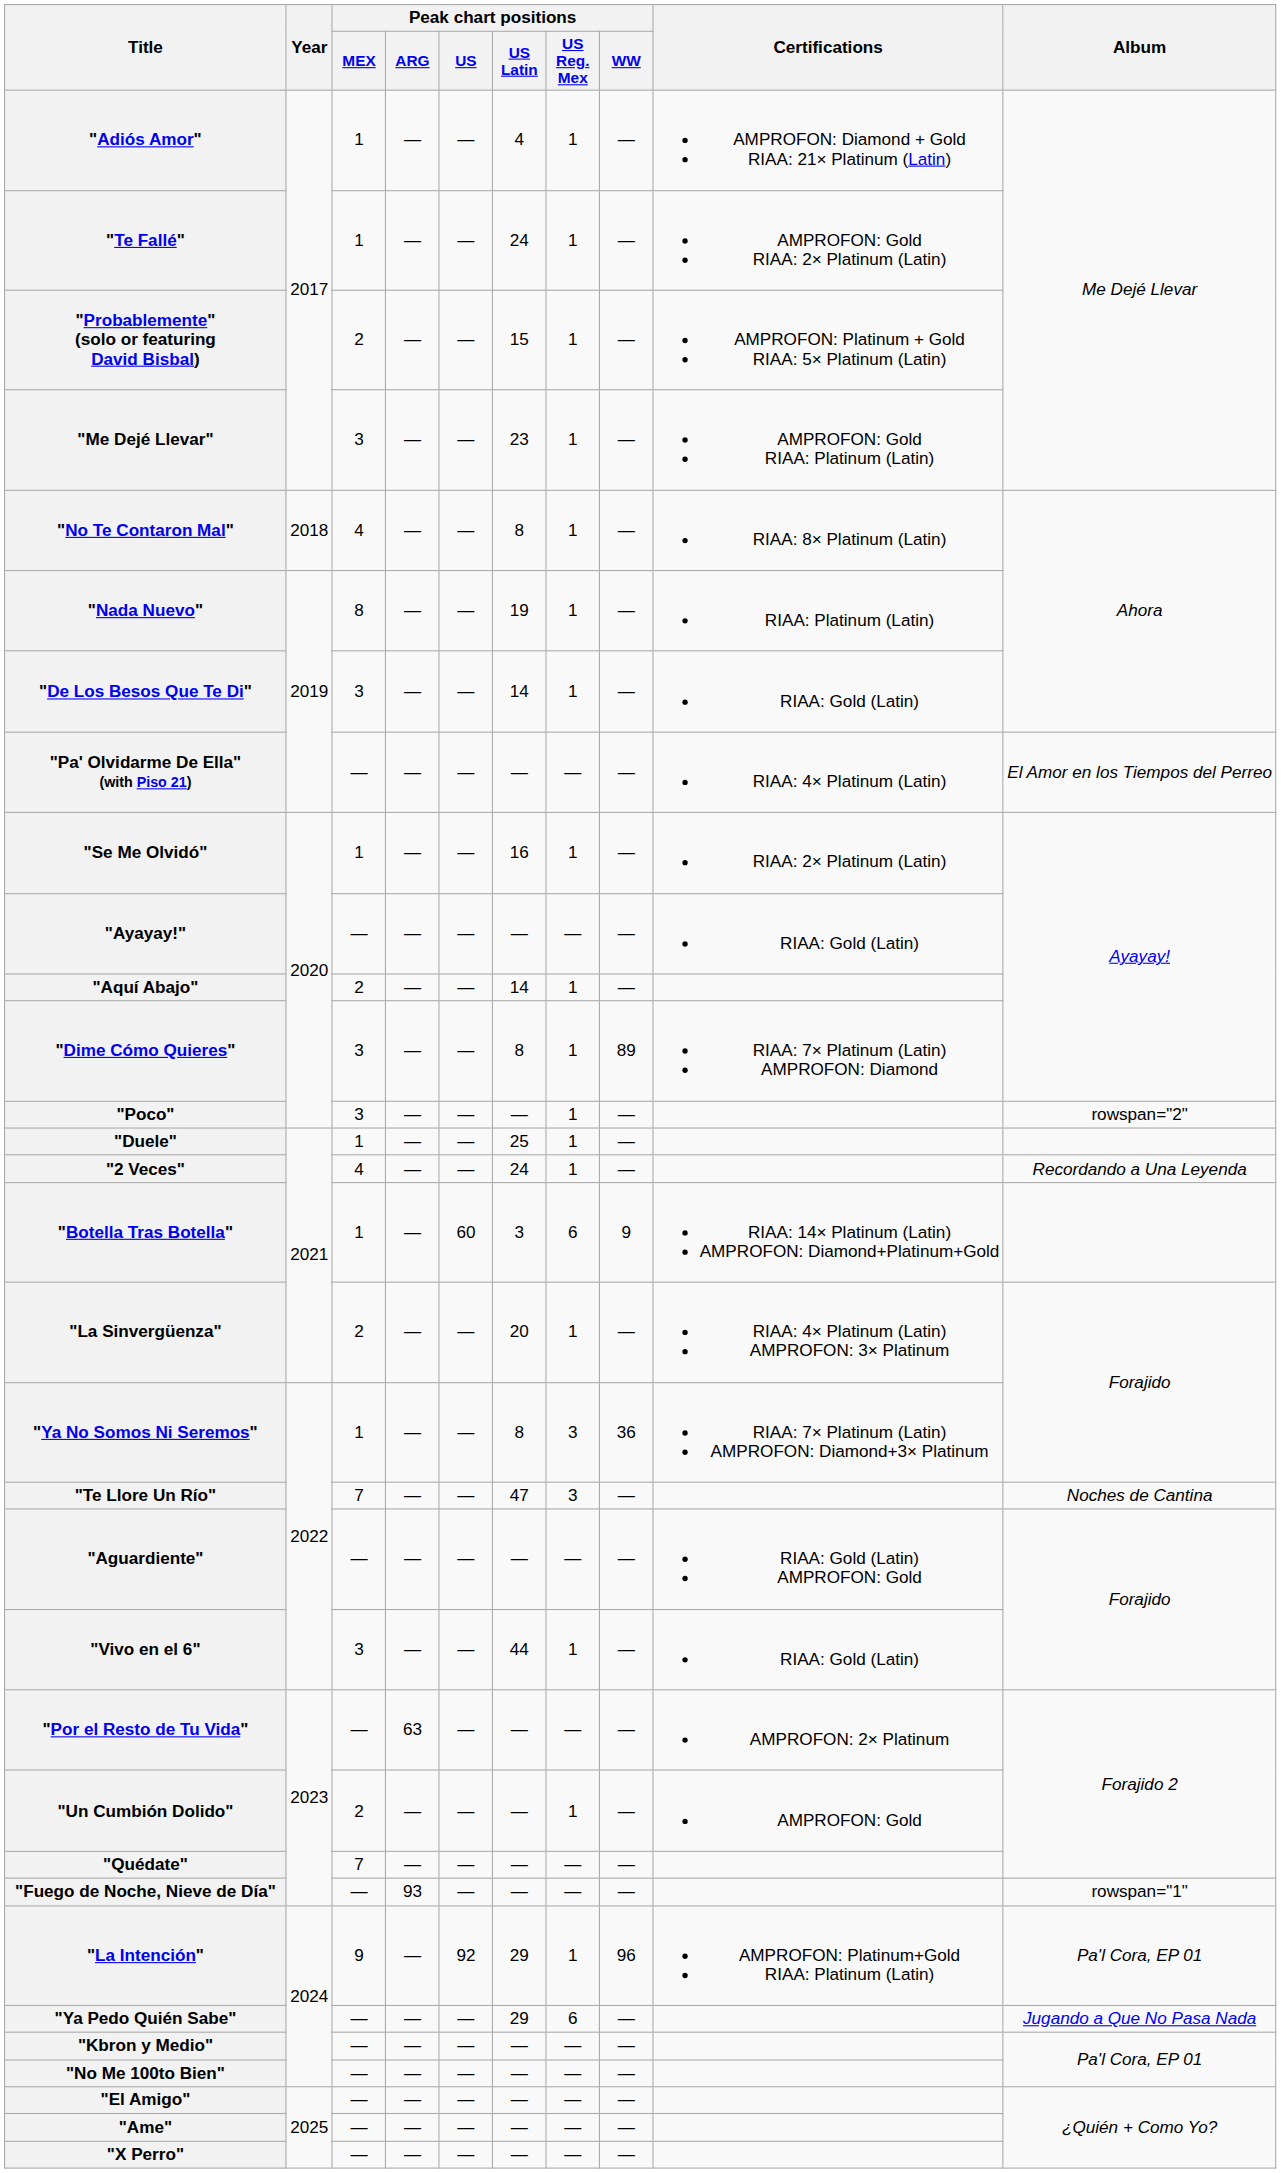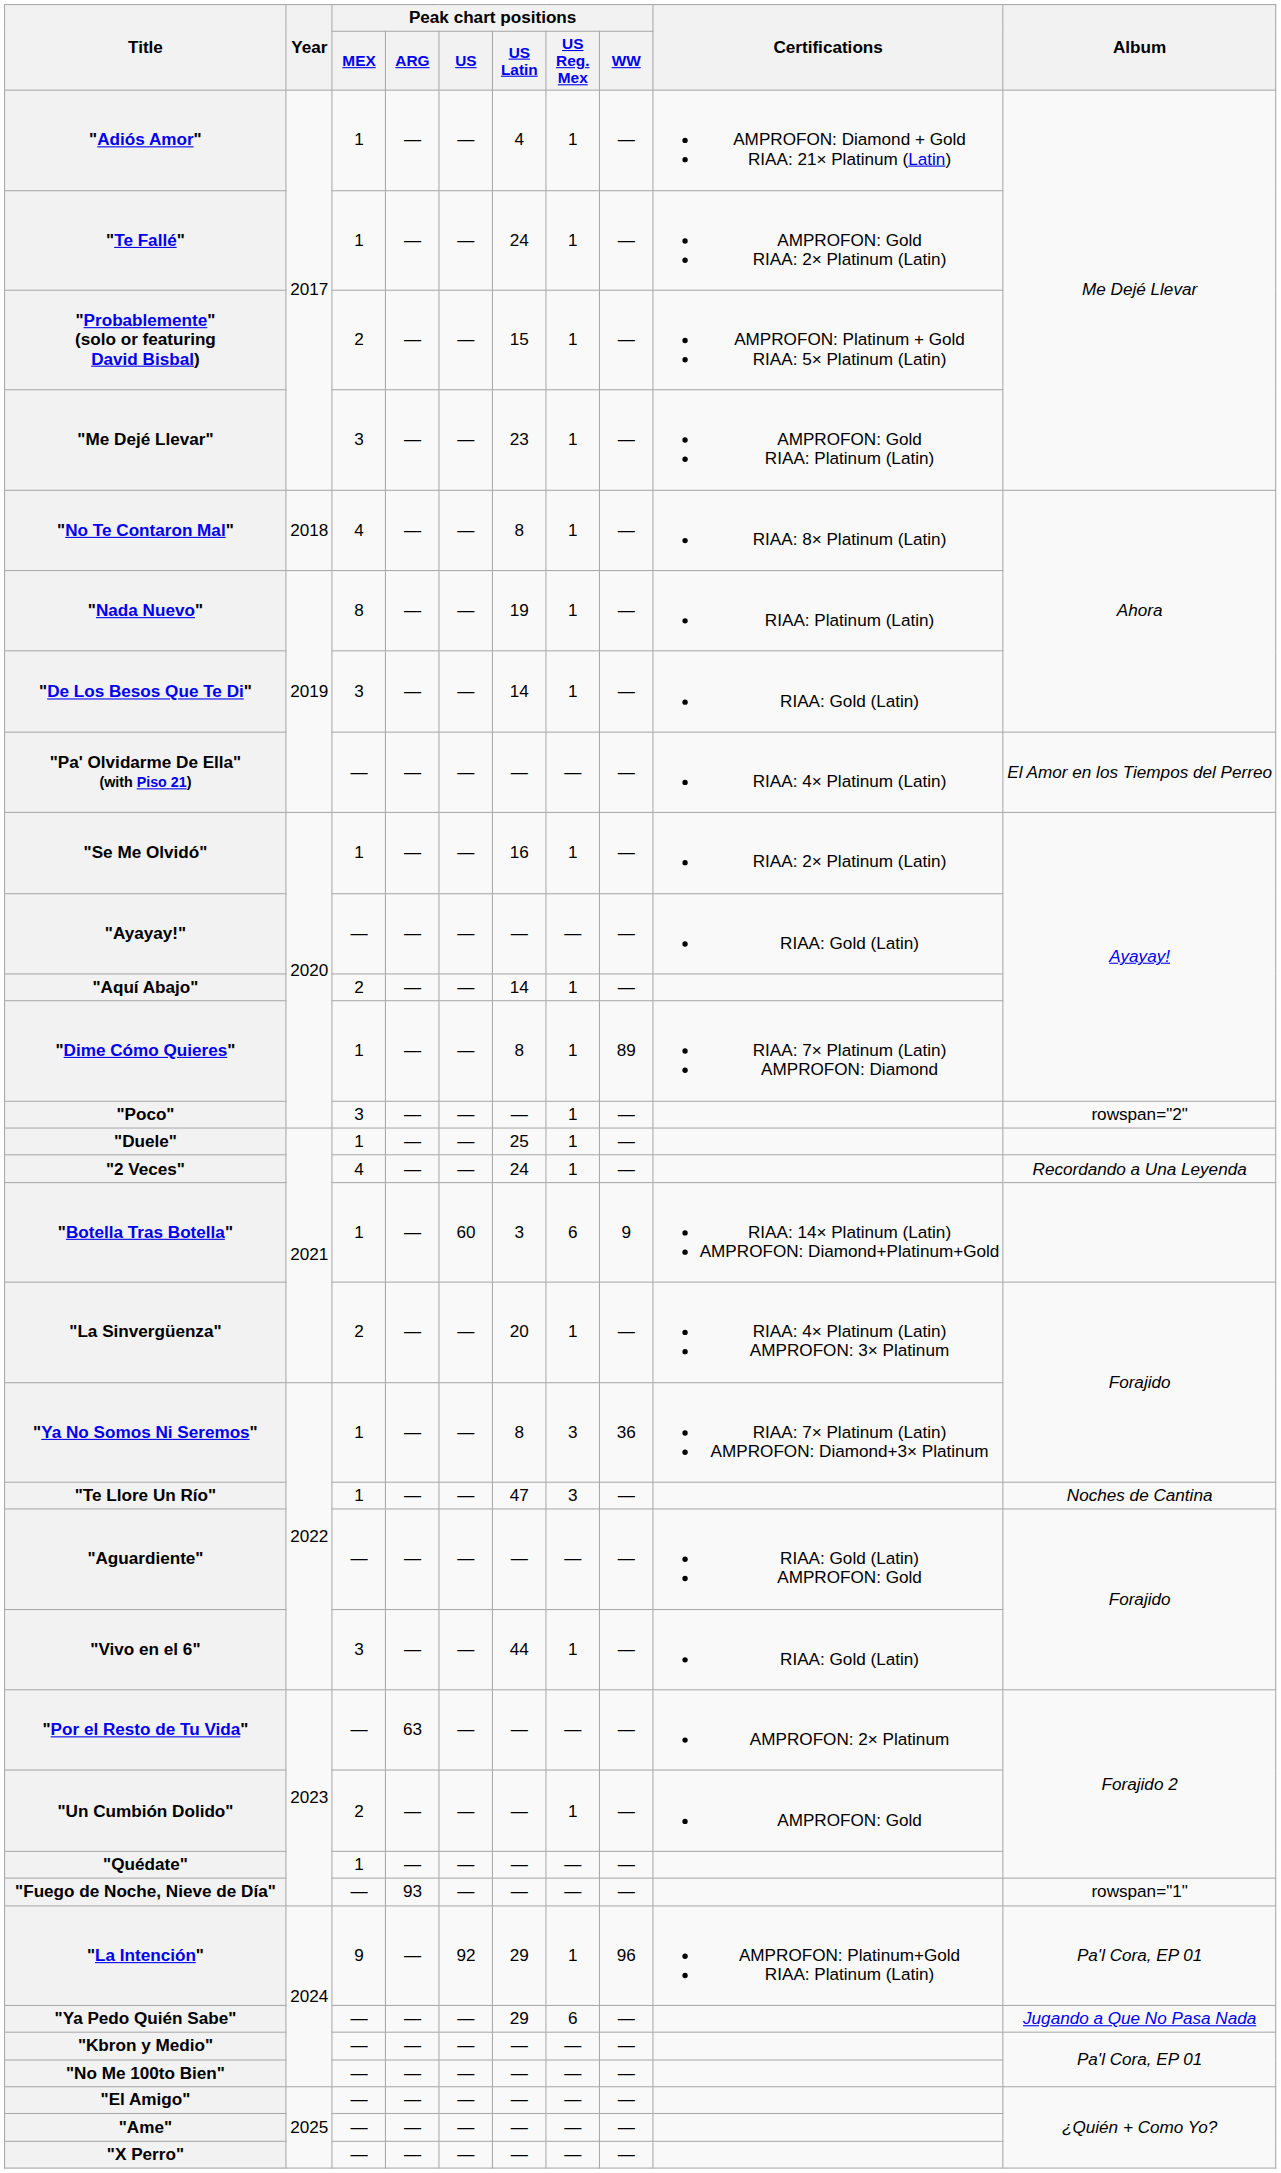 <table class="wikitable plainrowheaders" style="text-align:center;">
 <tr>
 <th scope="col" rowspan="2" style="width:16em;">Title</th>
 <th scope="col" rowspan="2">Year</th>
 <th scope="col" colspan="6">Peak chart positions</th>
 <th scope="col" rowspan="2">Certifications</th>
 <th scope="col" rowspan="2">Album</th>
 </tr>
 <tr>
 <th scope="col" style="width:3em; font-size:90%;"><a href='#'>MEX</a><br></th>
 <th scope="col" style="width:3em; font-size:90%;"><a href='#'>ARG</a><br></th>
 <th scope="col" style="width:3em; font-size:90%;"><a href='#'>US</a><br></th>
 <th scope="col" style="width:3em; font-size:90%;"><a href='#'>US<br>Latin</a><br></th>
 <th scope="col" style="width:3em; font-size:90%;"><a href='#'>US<br>Reg.<br>Mex</a><br></th>
 <th scope="col" style="width:3em; font-size:90%;"><a href='#'>WW</a><br></th>
 </tr>
 <tr>
 <th scope="row">"<a href='#'>Adiós Amor</a>"</th>
 <td rowspan="4">2017</td>
 <td>1</td>
 <td>—</td>
 <td>—</td>
 <td>4</td>
 <td>1</td>
 <td>—</td>
 <td><br><ul><li>AMPROFON: Diamond + Gold</li><li>RIAA: 21× Platinum (<a href='#'>Latin</a>)</li></ul></td>
 <td rowspan="4"><em>Me Dejé Llevar</em></td>
 </tr>
 <tr>
 <th scope="row">"<a href='#'>Te Fallé</a>"</th>
 <td>1</td>
 <td>—</td>
 <td>—</td>
 <td>24</td>
 <td>1</td>
 <td>—</td>
 <td><br><ul><li>AMPROFON: Gold</li><li>RIAA: 2× Platinum (Latin)</li></ul></td>
 </tr>
 <tr>
 <th scope="row">"<a href='#'>Probablemente</a>"<br>(solo or featuring<br><a href='#'>David Bisbal</a>)</th>
 <td>2</td>
 <td>—</td>
 <td>—</td>
 <td>15</td>
 <td>1</td>
 <td>—</td>
 <td><br><ul><li>AMPROFON: Platinum + Gold</li><li>RIAA: 5× Platinum (Latin)</li></ul></td>
 </tr>
 <tr>
 <th scope="row">"Me Dejé Llevar"</th>
 <td>3</td>
 <td>—</td>
 <td>—</td>
 <td>23</td>
 <td>1</td>
 <td>—</td>
 <td><br><ul><li>AMPROFON: Gold</li><li>RIAA: Platinum (Latin)</li></ul></td>
 </tr>
 <tr>
 <th scope="row">"<a href='#'>No Te Contaron Mal</a>"</th>
 <td>2018</td>
 <td>4</td>
 <td>—</td>
 <td>—</td>
 <td>8</td>
 <td>1</td>
 <td>—</td>
 <td><br><ul><li>RIAA: 8× Platinum (Latin)</li></ul></td>
 <td rowspan="3"><em>Ahora</em></td>
 </tr>
 <tr>
 <th scope="row">"<a href='#'>Nada Nuevo</a>"</th>
 <td rowspan="3">2019</td>
 <td>8</td>
 <td>—</td>
 <td>—</td>
 <td>19</td>
 <td>1</td>
 <td>—</td>
 <td><br><ul><li>RIAA: Platinum (Latin)</li></ul></td>
 </tr>
 <tr>
 <th scope="row">"<a href='#'>De Los Besos Que Te Di</a>"</th>
 <td>3</td>
 <td>—</td>
 <td>—</td>
 <td>14</td>
 <td>1</td>
 <td>—</td>
 <td><br><ul><li>RIAA: Gold (Latin)</li></ul></td>
 </tr>
 <tr>
 <th scope="row">"Pa' Olvidarme De Ella"<br><small>(with <a href='#'>Piso 21</a>)</small></th>
 <td>—</td>
 <td>—</td>
 <td>—</td>
 <td>—</td>
 <td>—</td>
 <td>—</td>
 <td><br><ul><li>RIAA: 4× Platinum (Latin)</li></ul></td>
 <td><em>El Amor en los Tiempos del Perreo</em></td>
 </tr>
 <tr>
 <th scope="row">"Se Me Olvidó"</th>
 <td rowspan="5">2020</td>
 <td>1</td>
 <td>—</td>
 <td>—</td>
 <td>16</td>
 <td>1</td>
 <td>—</td>
 <td><br><ul><li>RIAA: 2× Platinum (Latin)</li></ul></td>
 <td rowspan="4"><em><a href='#'>Ayayay!</a></em></td>
 </tr>
 <tr>
 <th scope="row">"Ayayay!"</th>
 <td>—</td>
 <td>—</td>
 <td>—</td>
 <td>—</td>
 <td>—</td>
 <td>—</td>
 <td><br><ul><li>RIAA: Gold (Latin)</li></ul></td>
 </tr>
 <tr>
 <th scope="row">"Aquí Abajo"</th>
 <td>2</td>
 <td>—</td>
 <td>—</td>
 <td>14</td>
 <td>1</td>
 <td>—</td>
 <td></td>
 </tr>
 <tr>
 <th scope="row">"<a href='#'>Dime Cómo Quieres</a>"<br></th>
-<td>3</td>
+<td>1</td>
 <td>—</td>
 <td>—</td>
 <td>8</td>
 <td>1</td>
 <td>89</td>
 <td><br><ul><li>RIAA: 7× Platinum (Latin)</li><li>AMPROFON: Diamond</li></ul></td>
 </tr>
 <tr>
 <th scope="row">"Poco"<br></th>
 <td>3</td>
 <td>—</td>
 <td>—</td>
 <td>—</td>
 <td>1</td>
 <td>—</td>
 <td></td>
 <td>rowspan="2" </td>
 </tr>
 <tr>
 <th scope="row">"Duele"<br></th>
 <td rowspan="4">2021</td>
 <td>1</td>
 <td>—</td>
 <td>—</td>
 <td>25</td>
 <td>1</td>
 <td>—</td>
 <td></td>
 </tr>
 <tr>
 <th scope="row">"2 Veces"<br></th>
 <td>4</td>
 <td>—</td>
 <td>—</td>
 <td>24</td>
 <td>1</td>
 <td>—</td>
 <td></td>
 <td><em>Recordando a Una Leyenda</em></td>
 </tr>
 <tr>
 <th scope="row">"<a href='#'>Botella Tras Botella</a>"<br></th>
 <td>1</td>
 <td>—</td>
 <td>60</td>
 <td>3</td>
 <td>6</td>
 <td>9</td>
 <td><br><ul><li>RIAA: 14× Platinum (Latin)</li><li>AMPROFON: Diamond+Platinum+Gold</li></ul></td>
 <td></td>
 </tr>
 <tr>
 <th scope="row">"La Sinvergüenza"<br></th>
 <td>2</td>
 <td>—</td>
 <td>—</td>
 <td>20</td>
 <td>1</td>
 <td>—</td>
 <td><br><ul><li>RIAA: 4× Platinum (Latin)</li><li>AMPROFON: 3× Platinum</li></ul></td>
 <td rowspan="2"><em>Forajido</em></td>
 </tr>
 <tr>
 <th scope="row">"<a href='#'>Ya No Somos Ni Seremos</a>"</th>
 <td rowspan="4">2022</td>
 <td>1</td>
 <td>—</td>
 <td>—</td>
 <td>8</td>
 <td>3</td>
 <td>36</td>
 <td><br><ul><li>RIAA: 7× Platinum (Latin)</li><li>AMPROFON: Diamond+3× Platinum</li></ul></td>
 </tr>
 <tr>
 <th scope="row">"Te Llore Un Río"<br></th>
-<td>7</td>
+<td>1</td>
 <td>—</td>
 <td>—</td>
 <td>47</td>
 <td>3</td>
 <td>—</td>
 <td></td>
 <td><em>Noches de Cantina</em></td>
 </tr>
 <tr>
 <th scope="row">"Aguardiente"</th>
 <td>—</td>
 <td>—</td>
 <td>—</td>
 <td>—</td>
 <td>—</td>
 <td>—</td>
 <td><br><ul><li>RIAA: Gold (Latin)</li><li>AMPROFON: Gold</li></ul></td>
 <td rowspan="2"><em>Forajido</em></td>
 </tr>
 <tr>
 <th scope="row">"Vivo en el 6"</th>
 <td>3</td>
 <td>—</td>
 <td>—</td>
 <td>44</td>
 <td>1</td>
 <td>—</td>
 <td><br><ul><li>RIAA: Gold (Latin)</li></ul></td>
 </tr>
 <tr>
 <th scope="row">"<a href='#'>Por el Resto de Tu Vida</a>"<br></th>
 <td rowspan="4">2023</td>
 <td>—</td>
 <td>63</td>
 <td>—</td>
 <td>—</td>
 <td>—</td>
 <td>—</td>
 <td><br><ul><li>AMPROFON: 2× Platinum</li></ul></td>
 <td rowspan="3"><em>Forajido 2</em></td>
 </tr>
 <tr>
 <th scope="row">"Un Cumbión Dolido"</th>
 <td>2</td>
 <td>—</td>
 <td>—</td>
 <td>—</td>
 <td>1</td>
 <td>—</td>
 <td><br><ul><li>AMPROFON: Gold</li></ul></td>
 </tr>
 <tr>
 <th scope="row">"Quédate"</th>
-<td>7</td>
+<td>1</td>
 <td>—</td>
 <td>—</td>
 <td>—</td>
 <td>—</td>
 <td>—</td>
 </tr>
 <tr>
 <th scope="row">"Fuego de Noche, Nieve de Día"<br></th>
 <td>—</td>
 <td>93</td>
 <td>—</td>
 <td>—</td>
 <td>—</td>
 <td>—</td>
 <td></td>
 <td>rowspan="1" </td>
 </tr>
 <tr>
 <th scope="row">"<a href='#'>La Intención</a>"<br></th>
 <td rowspan="4">2024</td>
 <td>9</td>
 <td>—</td>
 <td>92</td>
 <td>29</td>
 <td>1</td>
 <td>96</td>
 <td><br><ul><li>AMPROFON: Platinum+Gold</li><li>RIAA: Platinum (Latin)</li></ul></td>
 <td rowspan="1"><em>Pa'l Cora, EP 01</em></td>
 </tr>
 <tr>
 <th scope="row">"Ya Pedo Quién Sabe"<br></th>
 <td>—</td>
 <td>—</td>
 <td>—</td>
 <td>29</td>
 <td>6</td>
 <td>—</td>
 <td></td>
 <td><em><a href='#'>Jugando a Que No Pasa Nada</a></em></td>
 </tr>
 <tr>
 <th scope="row">"Kbron y Medio"</th>
 <td>—</td>
 <td>—</td>
 <td>—</td>
 <td>—</td>
 <td>—</td>
 <td>—</td>
 <td></td>
 <td rowspan="2"><em>Pa'l Cora, EP 01</em></td>
 </tr>
 <tr>
 <th scope="row">"No Me 100to Bien"</th>
 <td>—</td>
 <td>—</td>
 <td>—</td>
 <td>—</td>
 <td>—</td>
 <td>—</td>
 </tr>
 <tr>
 <th scope="row">"El Amigo"</th>
 <td rowspan="3">2025</td>
 <td>—</td>
 <td>—</td>
 <td>—</td>
 <td>—</td>
 <td>—</td>
 <td>—</td>
 <td></td>
 <td rowspan="3"><em>¿Quién + Como Yo?</em></td>
 </tr>
 <tr>
 <th scope="row">"Ame"</th>
 <td>—</td>
 <td>—</td>
 <td>—</td>
 <td>—</td>
 <td>—</td>
 <td>—</td>
 <td></td>
 </tr>
 <tr>
 <th scope="row">"X Perro"</th>
 <td>—</td>
 <td>—</td>
 <td>—</td>
 <td>—</td>
 <td>—</td>
 <td>—</td>
 <td></td>
 </tr>
 </table>
